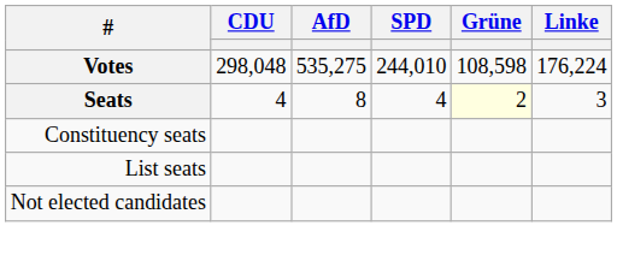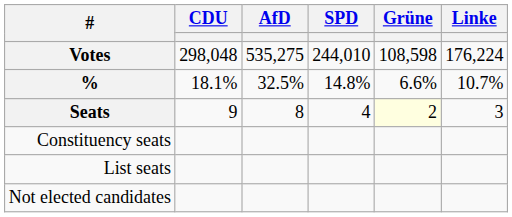 <table class="wikitable" style="text-align:right;vertical-align:top">
 <tr>
 <th rowspan="2">#</th>
 <th class="wikitable sortable"><a href='#'>CDU</a></th>
 <th class="wikitable sortable"><a href='#'>AfD</a></th>
 <th class="wikitable sortable"><a href='#'>SPD</a></th>
 <th class="wikitable sortable"><a href='#'>Grüne</a></th>
 <th class="wikitable sortable"><a href='#'>Linke</a></th>
 </tr>
 <tr>
 <th class="wikitable sortable" style="background:"></th>
 <th class="wikitable sortable" style="background:"></th>
 <th class="wikitable sortable" style="background:"></th>
 <th class="wikitable sortable" style="background:"></th>
 <th class="wikitable sortable" style="background:"></th>
 </tr>
 <tr>
 <th>Votes</th>
 <td>298,048</td>
 <td>535,275</td>
 <td>244,010</td>
 <td>108,598</td>
 <td>176,224</td>
 </tr>
 <tr>
+<th>%</th>
+<td>18.1%</td>
+<td>32.5%</td>
+<td>14.8%</td>
+<td>6.6%</td>
+<td>10.7%</td>
+</tr>
+<tr>
 <th>Seats</th>
-<td>4</td>
+<td>9</td>
 <td>8</td>
 <td>4</td>
 <td style="background: lightyellow;">2</td>
 <td>3</td>
 </tr>
 <tr style="vertical-align:top">
 <td>Constituency seats</td>
 <td></td>
 <td></td>
 <td></td>
 <td></td>
 <td></td>
 </tr>
 <tr style="vertical-align:top">
 <td>List seats</td>
 <td></td>
 <td></td>
 <td></td>
 <td></td>
 <td></td>
 </tr>
 <tr style="vertical-align:top">
 <td>Not elected candidates</td>
 <td><div><br> </div></td>
 <td><div><br>   </div></td>
 <td><div><br> </div></td>
 <td><div><br> </div></td>
 <td><div><br> </div></td>
 </tr>
 </table>
